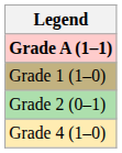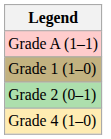 <table class="wikitable" style="font-size:90%">
 <tr>
 <th scope="col">Legend</th>
 </tr>
 <tr style="background:#ffcccc">
-<td><strong>Grade A (1–1)</strong></td>
+<td>Grade A (1–1)</td>
 </tr>
 <tr style="background:#C2B280">
 <td>Grade 1 (1–0)</td>
 </tr>
 <tr style="background:#ADDFAD">
 <td>Grade 2 (0–1)</td>
 </tr>
 <tr style="background:#ffecb2">
 <td>Grade 4 (1–0)</td>
 </tr>
 </table>
